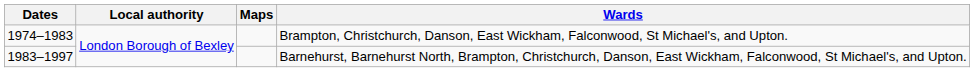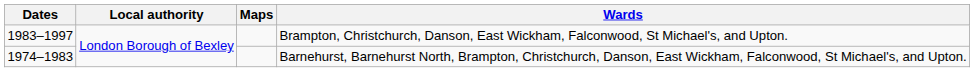 <table class=wikitable>
 <tr>
 <th>Dates</th>
 <th>Local authority</th>
 <th>Maps</th>
 <th><a href='#'>Wards</a></th>
 </tr>
 <tr>
-<td>1974–1983</td>
+<td>1983–1997</td>
 <td rowspan="2"><a href='#'>London Borough of Bexley</a></td>
 <td></td>
 <td>Brampton, Christchurch, Danson, East Wickham, Falconwood, St Michael's, and Upton.</td>
 </tr>
 <tr>
-<td>1983–1997</td>
+<td>1974–1983</td>
 <td></td>
 <td>Barnehurst, Barnehurst North, Brampton, Christchurch, Danson, East Wickham, Falconwood, St Michael's, and Upton.</td>
 </tr>
 </table>
